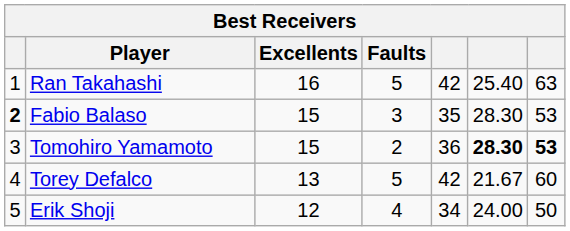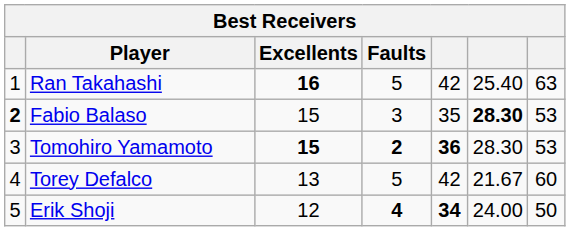 <table class="wikitable sortable" style=font-size:90%>
 <tr>
 <th colspan=7>Best Receivers</th>
 </tr>
 <tr>
 <th></th>
 <th width=158>Player</th>
 <th width=20>Excellents</th>
 <th width=20>Faults</th>
 <th width=20></th>
 <th width=20></th>
 <th width=20></th>
 </tr>
 <tr>
 <td>1</td>
 <td> <a href='#'>Ran Takahashi</a></td>
-<td align=center>16</td>
+<td align=center><strong>16</strong></td>
 <td align=center>5</td>
 <td align=center>42</td>
 <td align=center>25.40</td>
 <td align=center>63</td>
 </tr>
 <tr>
 <td><strong>2</strong></td>
 <td> <a href='#'>Fabio Balaso</a></td>
 <td align=center>15</td>
 <td align=center>3</td>
 <td align=center>35</td>
-<td align=center>28.30</td>
+<td align=center><strong>28.30</strong></td>
 <td align=center>53</td>
 </tr>
 <tr>
 <td>3</td>
 <td> <a href='#'>Tomohiro Yamamoto</a></td>
-<td align=center>15</td>
-<td align=center>2</td>
-<td align=center>36</td>
-<td align=center><strong>28.30</strong></td>
-<td align=center><strong>53</strong></td>
+<td align=center><strong>15</strong></td>
+<td align=center><strong>2</strong></td>
+<td align=center><strong>36</strong></td>
+<td align=center>28.30</td>
+<td align=center>53</td>
 </tr>
 <tr>
 <td>4</td>
 <td> <a href='#'>Torey Defalco</a></td>
 <td align=center>13</td>
 <td align=center>5</td>
 <td align=center>42</td>
 <td align=center>21.67</td>
 <td align=center>60</td>
 </tr>
 <tr>
 <td>5</td>
 <td> <a href='#'>Erik Shoji</a></td>
 <td align=center>12</td>
-<td align=center>4</td>
-<td align=center>34</td>
+<td align=center><strong>4</strong></td>
+<td align=center><strong>34</strong></td>
 <td align=center>24.00</td>
 <td align=center>50</td>
 </tr>
 </table>
